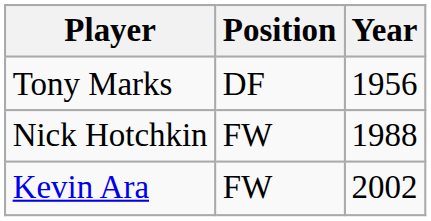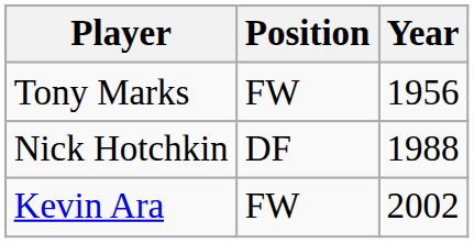 <table class="wikitable"; style= "text-align: ">
 <tr>
 <th width=px>Player</th>
 <th width=px>Position</th>
 <th width=px>Year</th>
 </tr>
 <tr>
 <td>Tony Marks</td>
-<td>DF</td>
+<td>FW</td>
 <td>1956</td>
 </tr>
 <tr>
 <td>Nick Hotchkin</td>
-<td>FW</td>
+<td>DF</td>
 <td>1988</td>
 </tr>
 <tr>
 <td><a href='#'>Kevin Ara</a></td>
 <td>FW</td>
 <td>2002</td>
 </tr>
 </table>
